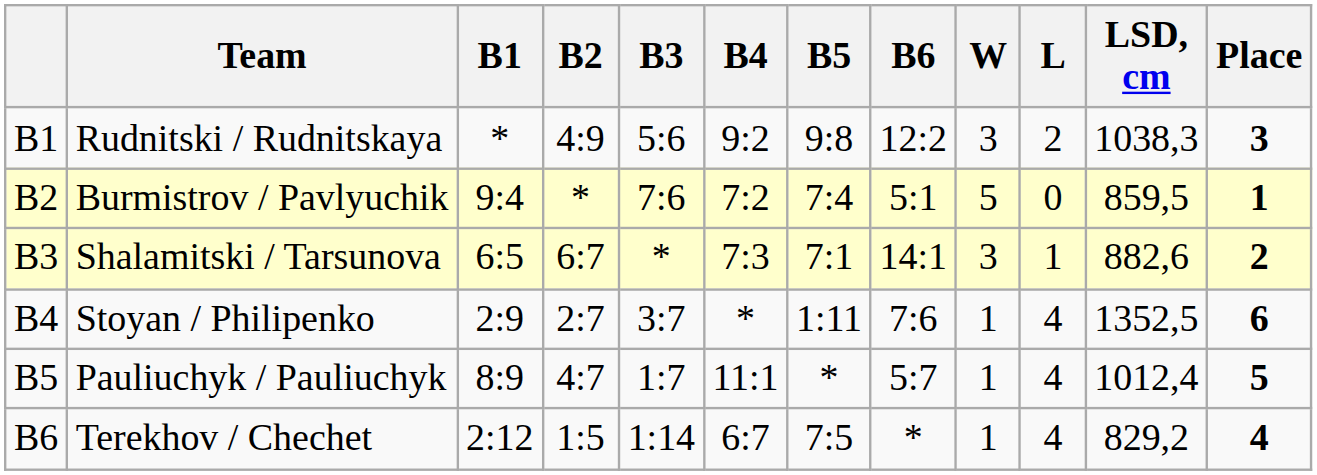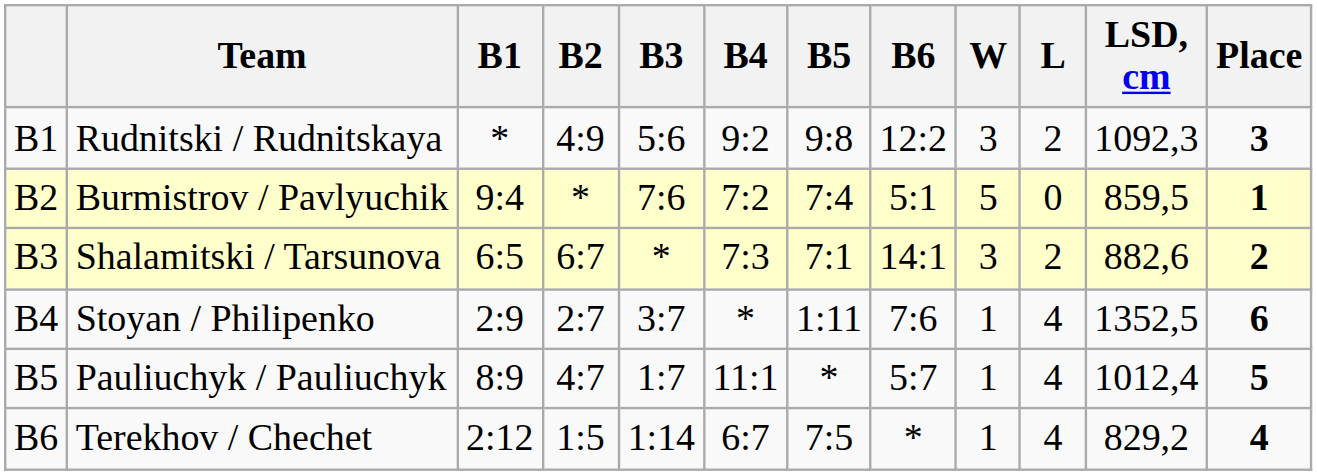 <table class="wikitable" style="text-align:center;">
 <tr>
 <th></th>
 <th>Team</th>
 <th width="25">B1</th>
 <th width="25">B2</th>
 <th width="25">B3</th>
 <th width="25">B4</th>
 <th width="25">B5</th>
 <th width="25">B6</th>
 <th width="20">W</th>
 <th width="20">L</th>
 <th width="30">LSD,<br><a href='#'>cm</a></th>
 <th>Place</th>
 </tr>
 <tr>
 <td>B1</td>
 <td align=left>Rudnitski / Rudnitskaya</td>
 <td>*</td>
 <td>4:9</td>
 <td>5:6</td>
 <td>9:2</td>
 <td>9:8</td>
 <td>12:2</td>
 <td>3</td>
 <td>2</td>
-<td>1038,3</td>
+<td>1092,3</td>
 <td><strong>3</strong></td>
 </tr>
 <tr bgcolor=#ffffcc>
 <td>B2</td>
 <td align=left>Burmistrov / Pavlyuchik</td>
 <td>9:4</td>
 <td>*</td>
 <td>7:6</td>
 <td>7:2</td>
 <td>7:4</td>
 <td>5:1</td>
 <td>5</td>
 <td>0</td>
 <td>859,5</td>
 <td><strong>1</strong></td>
 </tr>
 <tr bgcolor=#ffffcc>
 <td>B3</td>
 <td align=left>Shalamitski / Tarsunova</td>
 <td>6:5</td>
 <td>6:7</td>
 <td>*</td>
 <td>7:3</td>
 <td>7:1</td>
 <td>14:1</td>
 <td>3</td>
-<td>1</td>
+<td>2</td>
 <td>882,6</td>
 <td><strong>2</strong></td>
 </tr>
 <tr>
 <td>B4</td>
 <td align=left>Stoyan / Philipenko</td>
 <td>2:9</td>
 <td>2:7</td>
 <td>3:7</td>
 <td>*</td>
 <td>1:11</td>
 <td>7:6</td>
 <td>1</td>
 <td>4</td>
 <td>1352,5</td>
 <td><strong>6</strong></td>
 </tr>
 <tr>
 <td>B5</td>
 <td align=left>Pauliuchyk / Pauliuchyk</td>
 <td>8:9</td>
 <td>4:7</td>
 <td>1:7</td>
 <td>11:1</td>
 <td>*</td>
 <td>5:7</td>
 <td>1</td>
 <td>4</td>
 <td>1012,4</td>
 <td><strong>5</strong></td>
 </tr>
 <tr>
 <td>B6</td>
 <td align=left>Terekhov / Chechet</td>
 <td>2:12</td>
 <td>1:5</td>
 <td>1:14</td>
 <td>6:7</td>
 <td>7:5</td>
 <td>*</td>
 <td>1</td>
 <td>4</td>
 <td>829,2</td>
 <td><strong>4</strong></td>
 </tr>
 </table>
